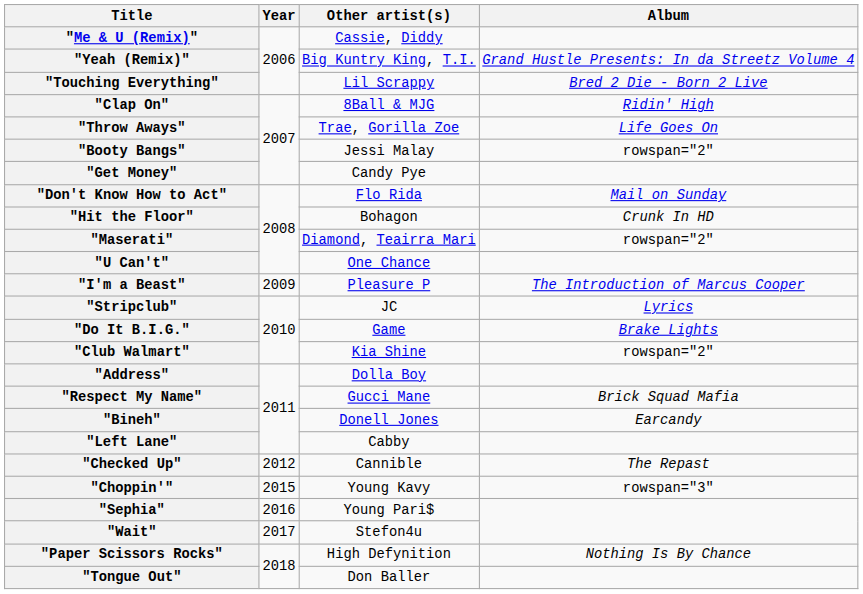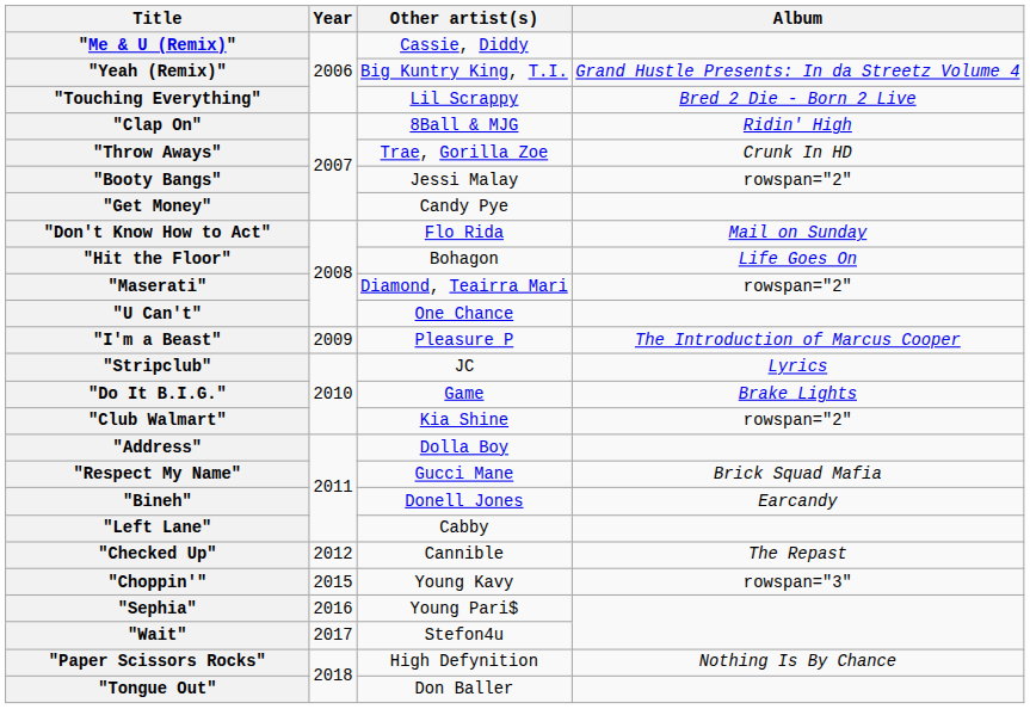 <table class="wikitable plainrowheaders" style="text-align:center;">
 <tr>
 <th scope="col" style="width:18em;">Title</th>
 <th scope="col">Year</th>
 <th scope="col">Other artist(s)</th>
 <th scope="col">Album</th>
 </tr>
 <tr>
 <th scope="row">"<a href='#'>Me & U (Remix)</a>"</th>
 <td rowspan="3">2006</td>
 <td><a href='#'>Cassie</a>, <a href='#'>Diddy</a></td>
 <td></td>
 </tr>
 <tr>
 <th scope="row">"Yeah (Remix)"</th>
 <td><a href='#'>Big Kuntry King</a>, <a href='#'>T.I.</a></td>
 <td><em><a href='#'>Grand Hustle Presents: In da Streetz Volume 4</a></em></td>
 </tr>
 <tr>
 <th scope="row">"Touching Everything"</th>
 <td><a href='#'>Lil Scrappy</a></td>
 <td><em><a href='#'>Bred 2 Die - Born 2 Live</a></em></td>
 </tr>
 <tr>
 <th scope="row">"Clap On"</th>
 <td rowspan="4">2007</td>
 <td><a href='#'>8Ball & MJG</a></td>
 <td><em><a href='#'>Ridin' High</a></em></td>
 </tr>
 <tr>
 <th scope="row">"Throw Aways"</th>
 <td><a href='#'>Trae</a>, <a href='#'>Gorilla Zoe</a></td>
-<td><em><a href='#'>Life Goes On</a></em></td>
+<td><em>Crunk In HD</em></td>
 </tr>
 <tr>
 <th scope="row">"Booty Bangs"</th>
 <td>Jessi Malay</td>
 <td>rowspan="2" </td>
 </tr>
 <tr>
 <th scope="row">"Get Money"</th>
 <td>Candy Pye</td>
 </tr>
 <tr>
 <th scope="row">"Don't Know How to Act"</th>
 <td rowspan="4">2008</td>
 <td><a href='#'>Flo Rida</a></td>
 <td><em><a href='#'>Mail on Sunday</a></em></td>
 </tr>
 <tr>
 <th scope="row">"Hit the Floor"</th>
 <td>Bohagon</td>
-<td><em>Crunk In HD</em></td>
+<td><em><a href='#'>Life Goes On</a></em></td>
 </tr>
 <tr>
 <th scope="row">"Maserati"</th>
 <td><a href='#'>Diamond</a>, <a href='#'>Teairra Mari</a></td>
 <td>rowspan="2" </td>
 </tr>
 <tr>
 <th scope="row">"U Can't"</th>
 <td><a href='#'>One Chance</a></td>
 </tr>
 <tr>
 <th scope="row">"I'm a Beast"</th>
 <td>2009</td>
 <td><a href='#'>Pleasure P</a></td>
 <td><em><a href='#'>The Introduction of Marcus Cooper</a></em></td>
 </tr>
 <tr>
 <th scope="row">"Stripclub"</th>
 <td rowspan="3">2010</td>
 <td>JC</td>
 <td><em><a href='#'>Lyrics</a></em></td>
 </tr>
 <tr>
 <th scope="row">"Do It B.I.G."</th>
 <td><a href='#'>Game</a></td>
 <td><em><a href='#'>Brake Lights</a></em></td>
 </tr>
 <tr>
 <th scope="row">"Club Walmart"</th>
 <td><a href='#'>Kia Shine</a></td>
 <td>rowspan="2" </td>
 </tr>
 <tr>
 <th scope="row">"Address"</th>
 <td rowspan="4">2011</td>
 <td><a href='#'>Dolla Boy</a></td>
 </tr>
 <tr>
 <th scope="row">"Respect My Name"</th>
 <td><a href='#'>Gucci Mane</a></td>
 <td><em>Brick Squad Mafia</em></td>
 </tr>
 <tr>
 <th scope="row">"Bineh"</th>
 <td><a href='#'>Donell Jones</a></td>
 <td><em>Earcandy</em></td>
 </tr>
 <tr>
 <th scope="row">"Left Lane"</th>
 <td>Cabby</td>
 <td></td>
 </tr>
 <tr>
 <th scope="row">"Checked Up"</th>
 <td>2012</td>
 <td>Cannible</td>
 <td><em>The Repast</em></td>
 </tr>
 <tr>
 <th scope="row">"Choppin'"</th>
 <td>2015</td>
 <td>Young Kavy</td>
 <td>rowspan="3" </td>
 </tr>
 <tr>
 <th scope="row">"Sephia"</th>
 <td>2016</td>
 <td>Young Pari$</td>
 </tr>
 <tr>
 <th scope="row">"Wait"</th>
 <td>2017</td>
 <td>Stefon4u</td>
 </tr>
 <tr>
 <th scope="row">"Paper Scissors Rocks"</th>
 <td rowspan="2">2018</td>
 <td>High Defynition</td>
 <td><em>Nothing Is By Chance</em></td>
 </tr>
 <tr>
 <th scope="row">"Tongue Out"</th>
 <td>Don Baller</td>
 <td></td>
 </tr>
 </table>
